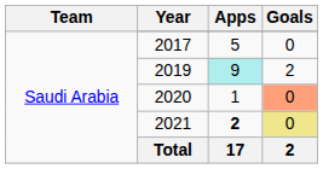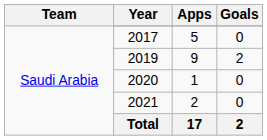 <table class="wikitable" style="text-align: center;">
 <tr>
 <th width="120">Team</th>
 <th width="60">Year</th>
 <th width="45">Apps</th>
 <th width="45">Goals</th>
 </tr>
 <tr>
 <td rowspan=10><a href='#'>Saudi Arabia</a></td>
 </tr>
 <tr>
 <td>2017</td>
 <td>5</td>
 <td>0</td>
 </tr>
 <tr>
 <td>2019</td>
-<td style="background: paleturquoise;">9</td>
+<td>9</td>
 <td>2</td>
 </tr>
 <tr>
 <td>2020</td>
 <td>1</td>
-<td style="background: lightsalmon;">0</td>
+<td>0</td>
 </tr>
 <tr>
 <td>2021</td>
-<td><strong>2</strong></td>
-<td style="background: khaki;">0</td>
+<td>2</td>
+<td>0</td>
 </tr>
 <tr>
 <th>Total</th>
 <th>17</th>
 <th>2</th>
 </tr>
 </table>
